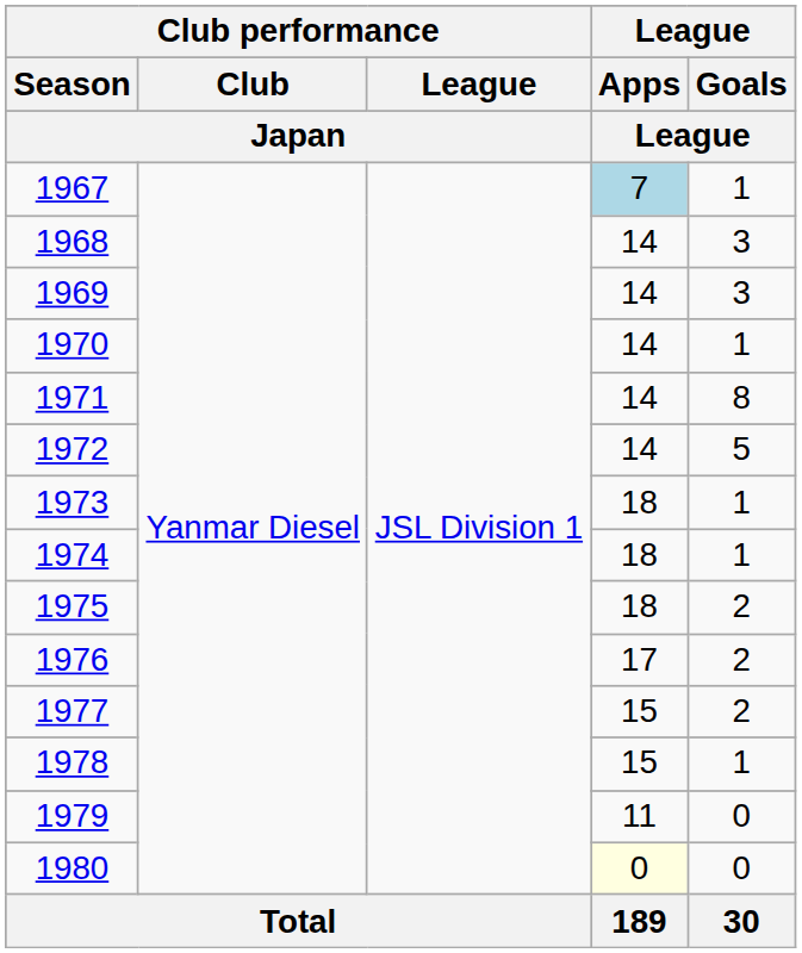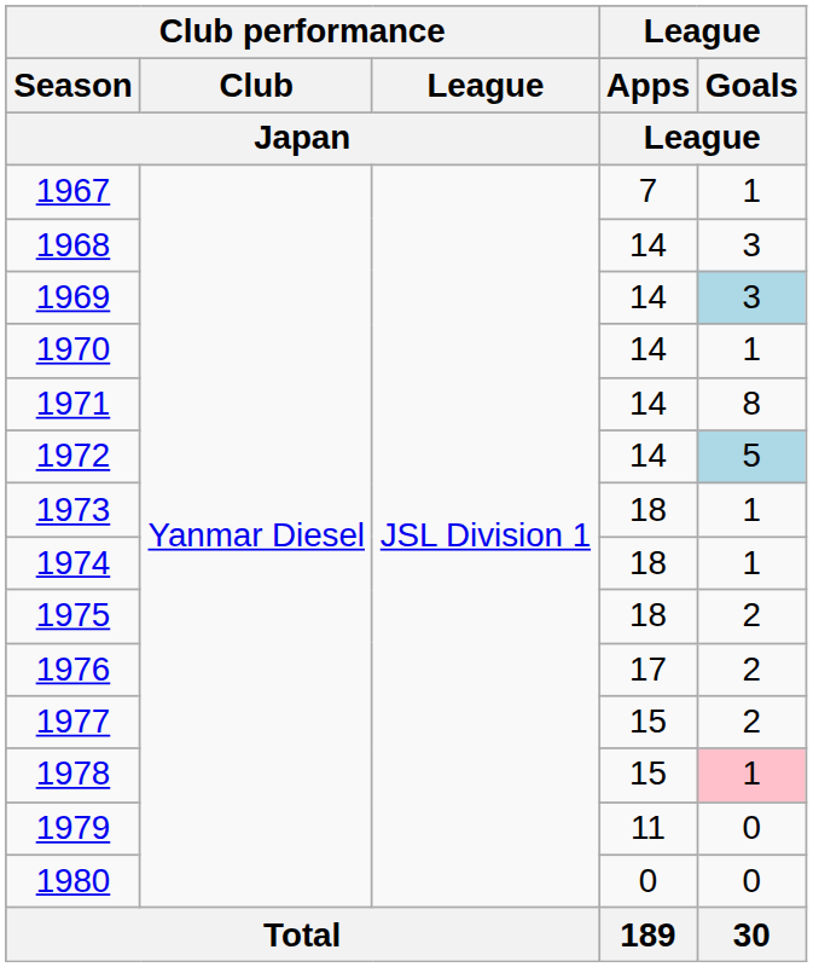 <table class="wikitable" style="text-align:center;">
 <tr>
 <th colspan=3>Club performance</th>
 <th colspan=2>League</th>
 </tr>
 <tr>
 <th>Season</th>
 <th>Club</th>
 <th>League</th>
 <th>Apps</th>
 <th>Goals</th>
 </tr>
 <tr>
 <th colspan=3>Japan</th>
 <th colspan=2>League</th>
 </tr>
 <tr>
 <td><a href='#'>1967</a></td>
 <td rowspan="14"><a href='#'>Yanmar Diesel</a></td>
 <td rowspan="14"><a href='#'>JSL Division 1</a></td>
-<td style="background: lightblue;">7</td>
+<td>7</td>
 <td>1</td>
 </tr>
 <tr>
 <td><a href='#'>1968</a></td>
 <td>14</td>
 <td>3</td>
 </tr>
 <tr>
 <td><a href='#'>1969</a></td>
 <td>14</td>
-<td>3</td>
+<td style="background: lightblue;">3</td>
 </tr>
 <tr>
 <td><a href='#'>1970</a></td>
 <td>14</td>
 <td>1</td>
 </tr>
 <tr>
 <td><a href='#'>1971</a></td>
 <td>14</td>
 <td>8</td>
 </tr>
 <tr>
 <td><a href='#'>1972</a></td>
 <td>14</td>
-<td>5</td>
+<td style="background: lightblue;">5</td>
 </tr>
 <tr>
 <td><a href='#'>1973</a></td>
 <td>18</td>
 <td>1</td>
 </tr>
 <tr>
 <td><a href='#'>1974</a></td>
 <td>18</td>
 <td>1</td>
 </tr>
 <tr>
 <td><a href='#'>1975</a></td>
 <td>18</td>
 <td>2</td>
 </tr>
 <tr>
 <td><a href='#'>1976</a></td>
 <td>17</td>
 <td>2</td>
 </tr>
 <tr>
 <td><a href='#'>1977</a></td>
 <td>15</td>
 <td>2</td>
 </tr>
 <tr>
 <td><a href='#'>1978</a></td>
 <td>15</td>
-<td>1</td>
+<td style="background: pink;">1</td>
 </tr>
 <tr>
 <td><a href='#'>1979</a></td>
 <td>11</td>
 <td>0</td>
 </tr>
 <tr>
 <td><a href='#'>1980</a></td>
-<td style="background: lightyellow;">0</td>
+<td>0</td>
 <td>0</td>
 </tr>
 <tr>
 <th colspan=3>Total</th>
 <th>189</th>
 <th>30</th>
 </tr>
 </table>
